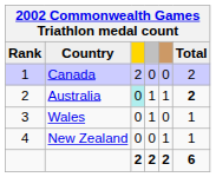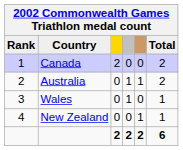 <table class="wikitable" style="text-align:center">
 <tr bgcolor="#efefef">
 <th colspan=6 style="border-right:0px;";><a href='#'>2002 Commonwealth Games</a> <br> Triathlon medal count</th>
 </tr>
 <tr bgcolor="#efefef">
 <td><strong>Rank</strong></td>
 <td><strong>Country</strong></td>
 <td bgcolor="gold"></td>
 <td bgcolor="silver"></td>
 <td bgcolor="CC9966"></td>
 <td><strong>Total</strong></td>
 </tr>
 <tr style="background:#ccccff">
 <td>1</td>
 <td style="text-align:left"> <a href='#'>Canada</a></td>
 <td>2</td>
 <td>0</td>
 <td>0</td>
 <td>2</td>
 </tr>
 <tr>
 <td>2</td>
 <td style="text-align:left"> <a href='#'>Australia</a></td>
-<td style="background: paleturquoise;">0</td>
+<td>0</td>
 <td>1</td>
 <td>1</td>
-<td><strong>2</strong></td>
+<td>2</td>
 </tr>
 <tr>
 <td>3</td>
 <td style="text-align:left"> <a href='#'>Wales</a></td>
 <td>0</td>
 <td>1</td>
 <td>0</td>
 <td>1</td>
 </tr>
 <tr>
 <td>4</td>
 <td style="text-align:left"> <a href='#'>New Zealand</a></td>
 <td>0</td>
 <td>0</td>
 <td>1</td>
 <td>1</td>
 </tr>
 <tr>
 <td></td>
 <td></td>
 <td><strong>2</strong></td>
 <td><strong>2</strong></td>
 <td><strong>2</strong></td>
 <td><strong>6</strong></td>
 </tr>
 </table>
